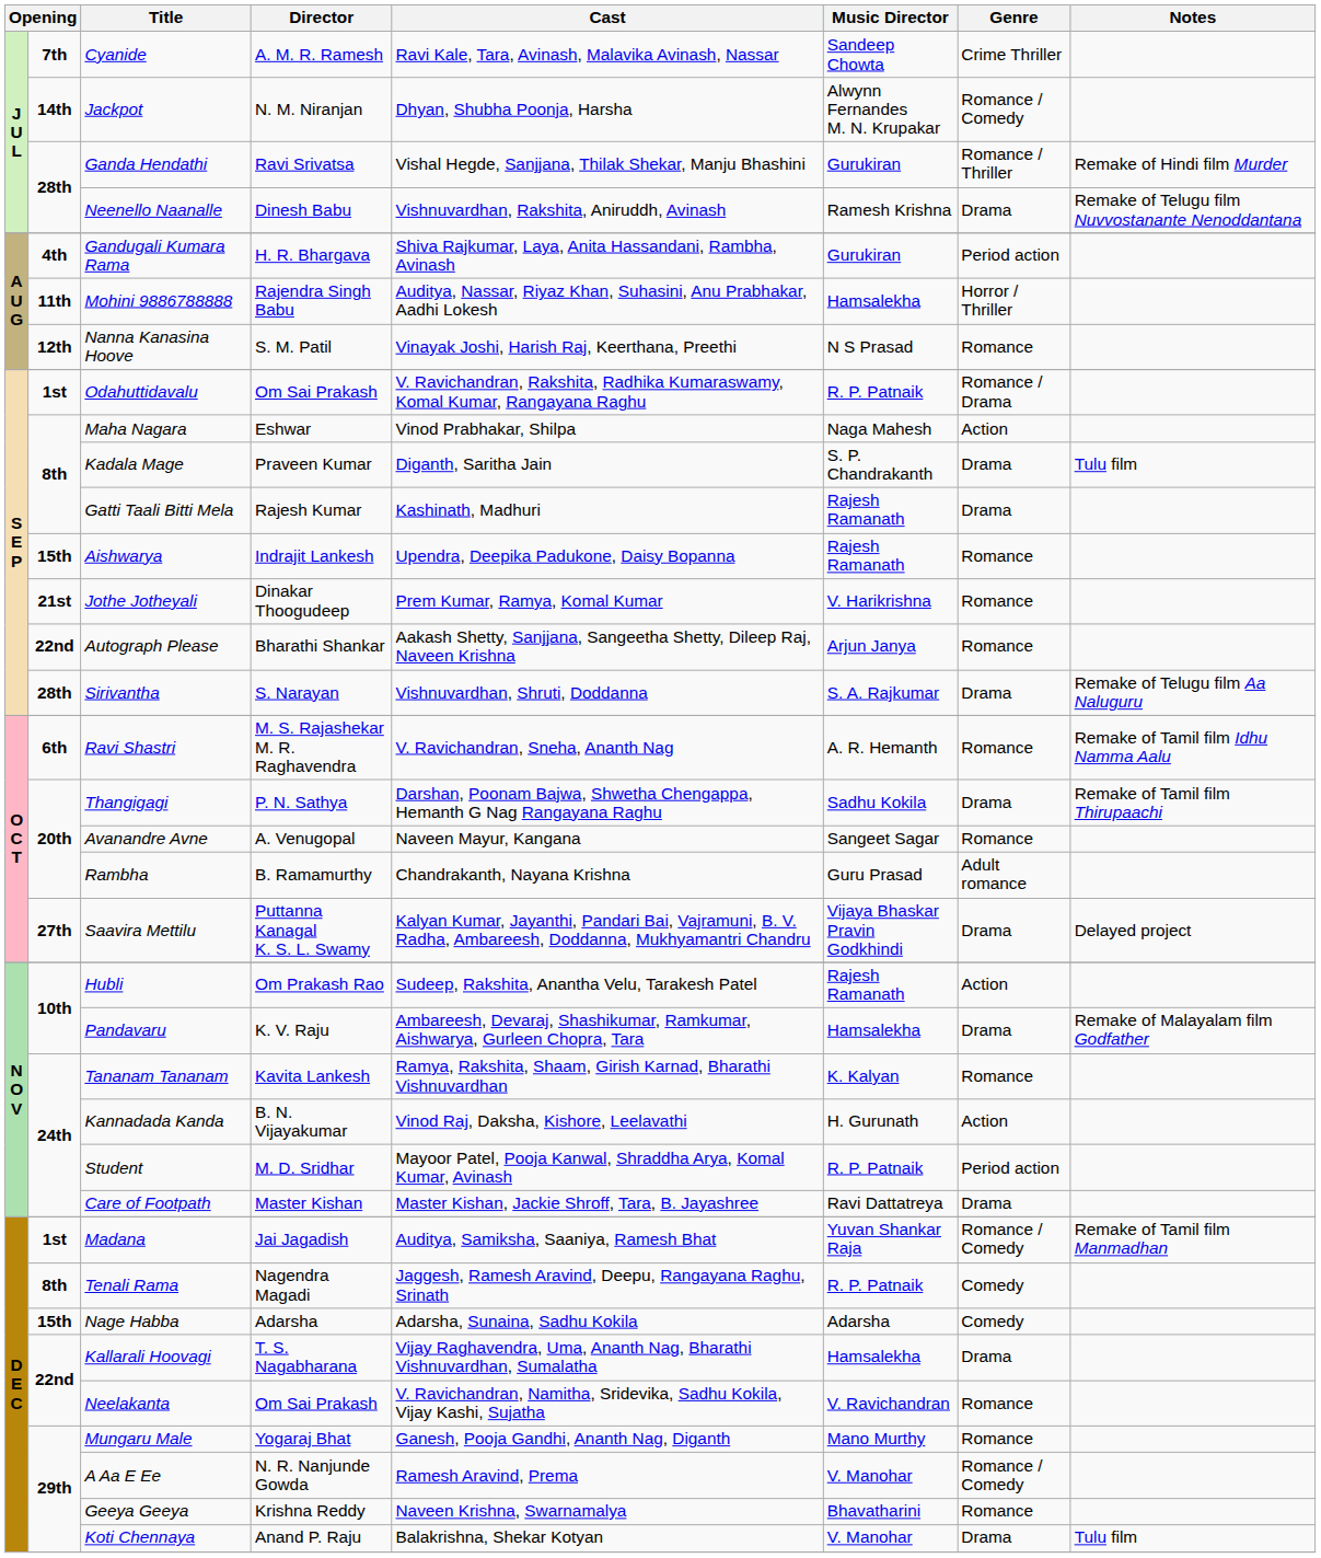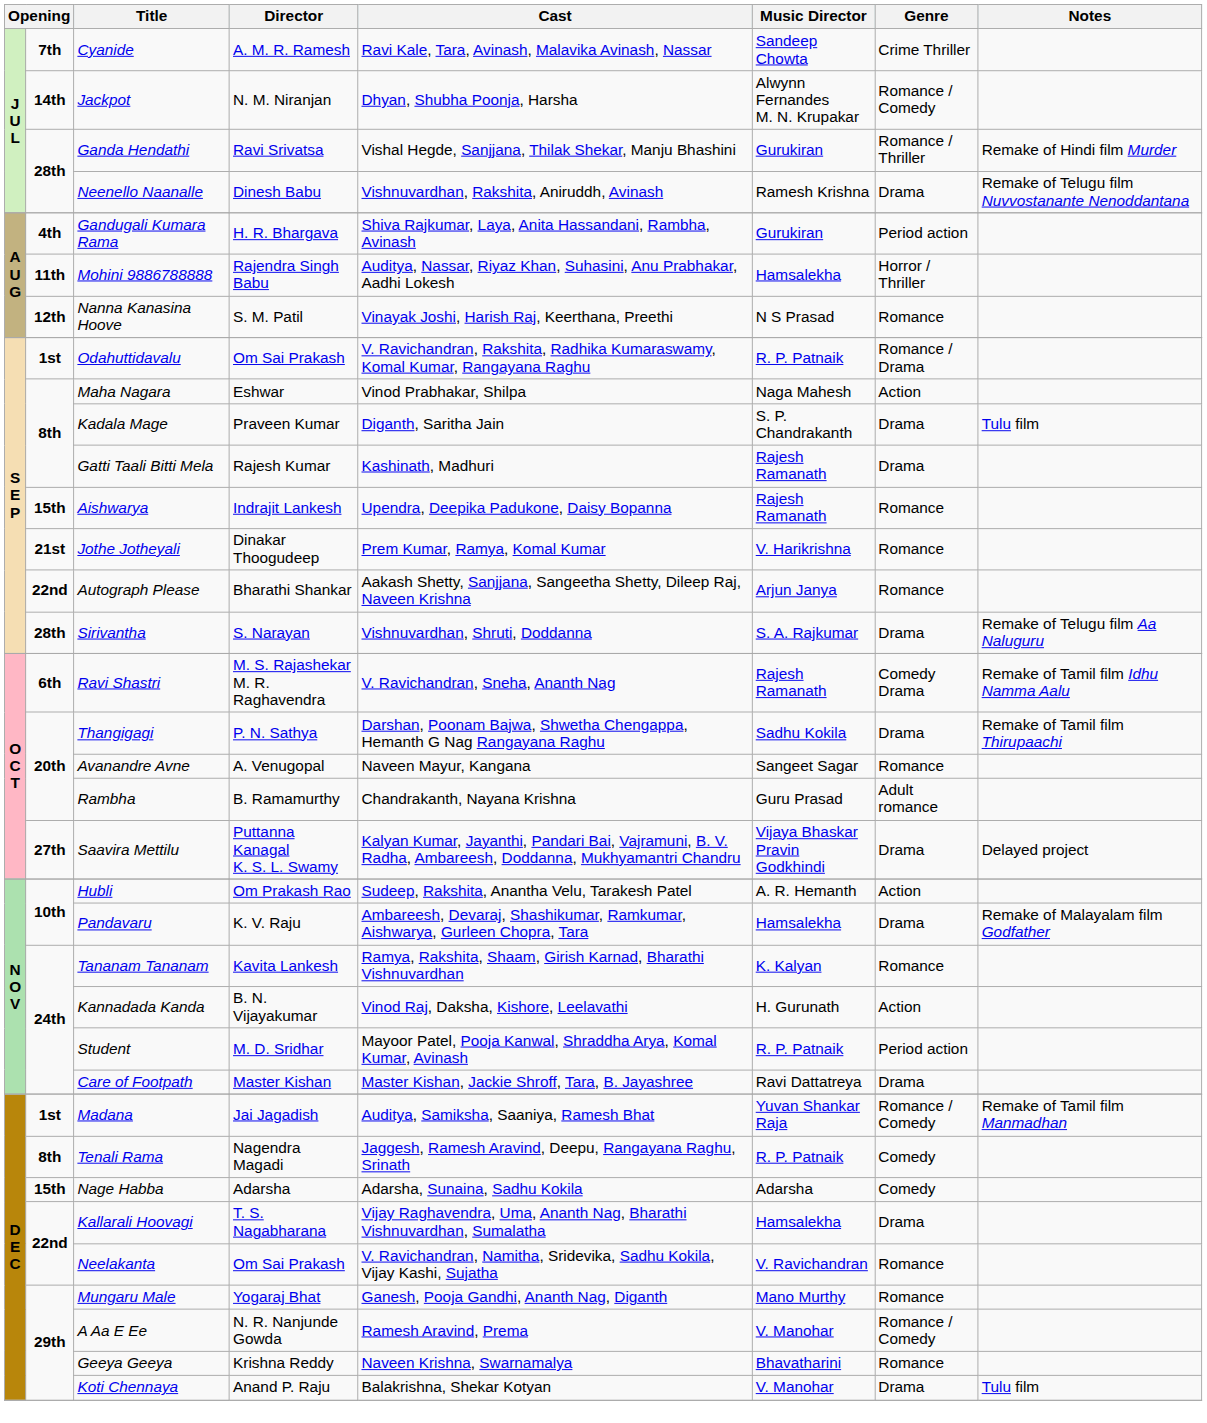 <table class="wikitable">
 <tr style="background:#b0e0e6; text-align:center;">
 <th colspan="2"><strong>Opening</strong></th>
 <th style="width:13%;"><strong>Title</strong></th>
 <th><strong>Director</strong></th>
 <th><strong>Cast</strong></th>
 <th><strong>Music Director</strong></th>
 <th><strong>Genre</strong></th>
 <th><strong>Notes</strong></th>
 </tr>
 <tr July!>
 <td rowspan="4"   style="text-align:center; background:#d0f0c0; textcolor:#000;"><strong>J<br>U<br>L</strong></td>
 <td rowspan="1" style="text-align:center;"><strong>7th</strong></td>
 <td><em><a href='#'>Cyanide</a></em></td>
 <td><a href='#'>A. M. R. Ramesh</a></td>
 <td><a href='#'>Ravi Kale</a>, <a href='#'>Tara</a>, <a href='#'>Avinash</a>, <a href='#'>Malavika Avinash</a>, <a href='#'>Nassar</a></td>
 <td><a href='#'>Sandeep Chowta</a></td>
 <td>Crime Thriller</td>
 <td></td>
 </tr>
 <tr>
 <td rowspan="1" style="text-align:center;"><strong>14th</strong></td>
 <td><em><a href='#'>Jackpot</a></em></td>
 <td>N. M. Niranjan</td>
 <td><a href='#'>Dhyan</a>, <a href='#'>Shubha Poonja</a>, Harsha</td>
 <td>Alwynn Fernandes <br> M. N. Krupakar</td>
 <td>Romance / Comedy</td>
 <td></td>
 </tr>
 <tr>
 <td rowspan="2" style="text-align:center;"><strong>28th</strong></td>
 <td><em><a href='#'>Ganda Hendathi</a></em></td>
 <td><a href='#'>Ravi Srivatsa</a></td>
 <td>Vishal Hegde, <a href='#'>Sanjjana</a>, <a href='#'>Thilak Shekar</a>, Manju Bhashini</td>
 <td><a href='#'>Gurukiran</a></td>
 <td>Romance / Thriller</td>
 <td>Remake of Hindi film <em><a href='#'>Murder</a></em></td>
 </tr>
 <tr>
 <td><em><a href='#'>Neenello Naanalle</a></em></td>
 <td><a href='#'>Dinesh Babu</a></td>
 <td><a href='#'>Vishnuvardhan</a>, <a href='#'>Rakshita</a>, Aniruddh, <a href='#'>Avinash</a></td>
 <td>Ramesh Krishna</td>
 <td>Drama</td>
 <td>Remake of Telugu film <em><a href='#'>Nuvvostanante Nenoddantana</a></em></td>
 </tr>
 <tr>
 </tr>
 <tr August!>
 <td rowspan="3"   style="text-align:center; background:#c2b280; textcolor:#000;"><strong>A<br>U<br>G</strong></td>
 <td rowspan="1" style="text-align:center;"><strong>4th</strong></td>
 <td><em><a href='#'>Gandugali Kumara Rama</a></em></td>
 <td><a href='#'>H. R. Bhargava</a></td>
 <td><a href='#'>Shiva Rajkumar</a>, <a href='#'>Laya</a>, <a href='#'>Anita Hassandani</a>, <a href='#'>Rambha</a>, <a href='#'>Avinash</a></td>
 <td><a href='#'>Gurukiran</a></td>
 <td>Period action</td>
 <td></td>
 </tr>
 <tr>
 <td rowspan="1" style="text-align:center;"><strong>11th</strong></td>
 <td><em><a href='#'>Mohini 9886788888</a></em></td>
 <td><a href='#'>Rajendra Singh Babu</a></td>
 <td><a href='#'>Auditya</a>, <a href='#'>Nassar</a>, <a href='#'>Riyaz Khan</a>, <a href='#'>Suhasini</a>, <a href='#'>Anu Prabhakar</a>, Aadhi Lokesh</td>
 <td><a href='#'>Hamsalekha</a></td>
 <td>Horror / Thriller</td>
 <td></td>
 </tr>
 <tr>
 <td rowspan="1" style="text-align:center;"><strong>12th</strong></td>
 <td><em>Nanna Kanasina Hoove</em></td>
 <td>S. M. Patil</td>
 <td><a href='#'>Vinayak Joshi</a>, <a href='#'>Harish Raj</a>, Keerthana, Preethi</td>
 <td>N S Prasad</td>
 <td>Romance</td>
 <td></td>
 </tr>
 <tr>
 </tr>
 <tr September!>
 <td rowspan="8" style="text-align:center; background:wheat; textcolor:#000;"><strong>S<br>E<br>P</strong></td>
 <td rowspan="1" style="text-align:center;"><strong>1st</strong></td>
 <td><em><a href='#'>Odahuttidavalu</a></em></td>
 <td><a href='#'>Om Sai Prakash</a></td>
 <td><a href='#'>V. Ravichandran</a>, <a href='#'>Rakshita</a>, <a href='#'>Radhika Kumaraswamy</a>, <a href='#'>Komal Kumar</a>, <a href='#'>Rangayana Raghu</a></td>
 <td><a href='#'>R. P. Patnaik</a></td>
 <td>Romance / Drama</td>
 <td></td>
 </tr>
 <tr>
 <td rowspan="3" style="text-align:center;"><strong>8th</strong></td>
 <td><em>Maha Nagara</em></td>
 <td>Eshwar</td>
 <td>Vinod Prabhakar, Shilpa</td>
 <td>Naga Mahesh</td>
 <td>Action</td>
 <td></td>
 </tr>
 <tr>
 <td><em>Kadala Mage</em></td>
 <td>Praveen Kumar</td>
 <td><a href='#'>Diganth</a>, Saritha Jain</td>
 <td>S. P. Chandrakanth</td>
 <td>Drama</td>
 <td><a href='#'>Tulu</a> film</td>
 </tr>
 <tr>
 <td><em>Gatti Taali Bitti Mela</em></td>
 <td>Rajesh Kumar</td>
 <td><a href='#'>Kashinath</a>, Madhuri</td>
 <td><a href='#'>Rajesh Ramanath</a></td>
 <td>Drama</td>
 <td></td>
 </tr>
 <tr>
 <td rowspan="1" style="text-align:center;"><strong>15th</strong></td>
 <td><em><a href='#'>Aishwarya</a></em></td>
 <td><a href='#'>Indrajit Lankesh</a></td>
 <td><a href='#'>Upendra</a>, <a href='#'>Deepika Padukone</a>, <a href='#'>Daisy Bopanna</a></td>
 <td><a href='#'>Rajesh Ramanath</a></td>
 <td>Romance</td>
 <td></td>
 </tr>
 <tr>
 <td rowspan="1" style="text-align:center;"><strong>21st</strong></td>
 <td><em><a href='#'>Jothe Jotheyali</a></em></td>
 <td>Dinakar Thoogudeep</td>
 <td><a href='#'>Prem Kumar</a>, <a href='#'>Ramya</a>, <a href='#'>Komal Kumar</a></td>
 <td><a href='#'>V. Harikrishna</a></td>
 <td>Romance</td>
 <td></td>
 </tr>
 <tr>
 <td rowspan="1" style="text-align:center;"><strong>22nd</strong></td>
 <td><em>Autograph Please</em></td>
 <td>Bharathi Shankar</td>
 <td>Aakash Shetty, <a href='#'>Sanjjana</a>, Sangeetha Shetty, Dileep Raj, <a href='#'>Naveen Krishna</a></td>
 <td><a href='#'>Arjun Janya</a></td>
 <td>Romance</td>
 <td></td>
 </tr>
 <tr>
 <td rowspan="1" style="text-align:center;"><strong>28th</strong></td>
 <td><em><a href='#'>Sirivantha</a></em></td>
 <td><a href='#'>S. Narayan</a></td>
 <td><a href='#'>Vishnuvardhan</a>, <a href='#'>Shruti</a>, <a href='#'>Doddanna</a></td>
 <td><a href='#'>S. A. Rajkumar</a></td>
 <td>Drama</td>
 <td>Remake of Telugu film <em><a href='#'>Aa Naluguru</a></em></td>
 </tr>
 <tr>
 </tr>
 <tr October!>
 <td rowspan="5"   style="text-align:center; background:#ffb7c5; textcolor:#000;"><strong>O<br>C<br>T</strong></td>
 <td rowspan="1" style="text-align:center;"><strong>6th</strong></td>
 <td><em><a href='#'>Ravi Shastri</a></em></td>
 <td><a href='#'>M. S. Rajashekar</a> <br> M. R. Raghavendra</td>
 <td><a href='#'>V. Ravichandran</a>, <a href='#'>Sneha</a>, <a href='#'>Ananth Nag</a></td>
-<td>A. R. Hemanth</td>
-<td>Romance</td>
+<td><a href='#'>Rajesh Ramanath</a></td>
+<td>Comedy Drama</td>
 <td>Remake of Tamil film <em><a href='#'>Idhu Namma Aalu</a></em></td>
 </tr>
 <tr>
 <td rowspan="3" style="text-align:center;"><strong>20th</strong></td>
 <td><em><a href='#'>Thangigagi</a></em></td>
 <td><a href='#'>P. N. Sathya</a></td>
 <td><a href='#'>Darshan</a>, <a href='#'>Poonam Bajwa</a>, <a href='#'>Shwetha Chengappa</a>, Hemanth G Nag <a href='#'>Rangayana Raghu</a></td>
 <td><a href='#'>Sadhu Kokila</a></td>
 <td>Drama</td>
 <td>Remake of Tamil film <em><a href='#'>Thirupaachi</a></em></td>
 </tr>
 <tr>
 <td><em>Avanandre Avne</em></td>
 <td>A. Venugopal</td>
 <td>Naveen Mayur, Kangana</td>
 <td>Sangeet Sagar</td>
 <td>Romance</td>
 <td></td>
 </tr>
 <tr>
 <td><em>Rambha</em></td>
 <td>B. Ramamurthy</td>
 <td>Chandrakanth, Nayana Krishna</td>
 <td>Guru Prasad</td>
 <td>Adult romance</td>
 <td></td>
 </tr>
 <tr>
 <td rowspan="1" style="text-align:center;"><strong>27th</strong></td>
 <td><em>Saavira Mettilu</em></td>
 <td><a href='#'>Puttanna Kanagal</a> <br> <a href='#'>K. S. L. Swamy</a></td>
 <td><a href='#'>Kalyan Kumar</a>, <a href='#'>Jayanthi</a>, <a href='#'>Pandari Bai</a>, <a href='#'>Vajramuni</a>, <a href='#'>B. V. Radha</a>, <a href='#'>Ambareesh</a>, <a href='#'>Doddanna</a>, <a href='#'>Mukhyamantri Chandru</a></td>
 <td><a href='#'>Vijaya Bhaskar</a> <br> <a href='#'>Pravin Godkhindi</a></td>
 <td>Drama</td>
 <td>Delayed project</td>
 </tr>
 <tr>
 </tr>
 <tr November!>
 <td rowspan="6"   style="text-align:center; background:#ace1af; textcolor:#000;"><strong>N<br>O<br>V</strong></td>
 <td rowspan="2" style="text-align:center;"><strong>10th</strong></td>
 <td><em><a href='#'>Hubli</a></em></td>
 <td><a href='#'>Om Prakash Rao</a></td>
 <td><a href='#'>Sudeep</a>, <a href='#'>Rakshita</a>, Anantha Velu, Tarakesh Patel</td>
-<td><a href='#'>Rajesh Ramanath</a></td>
+<td>A. R. Hemanth</td>
 <td>Action</td>
 <td></td>
 </tr>
 <tr>
 <td><em><a href='#'>Pandavaru</a></em></td>
 <td>K. V. Raju</td>
 <td><a href='#'>Ambareesh</a>, <a href='#'>Devaraj</a>, <a href='#'>Shashikumar</a>, <a href='#'>Ramkumar</a>, <a href='#'>Aishwarya</a>, <a href='#'>Gurleen Chopra</a>, <a href='#'>Tara</a></td>
 <td><a href='#'>Hamsalekha</a></td>
 <td>Drama</td>
 <td>Remake of Malayalam film <em><a href='#'>Godfather</a></em></td>
 </tr>
 <tr>
 <td rowspan="4" style="text-align:center;"><strong>24th</strong></td>
 <td><em><a href='#'>Tananam Tananam</a></em></td>
 <td><a href='#'>Kavita Lankesh</a></td>
 <td><a href='#'>Ramya</a>, <a href='#'>Rakshita</a>, <a href='#'>Shaam</a>, <a href='#'>Girish Karnad</a>, <a href='#'>Bharathi Vishnuvardhan</a></td>
 <td><a href='#'>K. Kalyan</a></td>
 <td>Romance</td>
 <td></td>
 </tr>
 <tr>
 <td><em>Kannadada Kanda</em></td>
 <td>B. N. Vijayakumar</td>
 <td><a href='#'>Vinod Raj</a>, Daksha, <a href='#'>Kishore</a>, <a href='#'>Leelavathi</a></td>
 <td>H. Gurunath</td>
 <td>Action</td>
 <td></td>
 </tr>
 <tr>
 <td><em>Student</em></td>
 <td><a href='#'>M. D. Sridhar</a></td>
 <td>Mayoor Patel, <a href='#'>Pooja Kanwal</a>, <a href='#'>Shraddha Arya</a>, <a href='#'>Komal Kumar</a>, <a href='#'>Avinash</a></td>
 <td><a href='#'>R. P. Patnaik</a></td>
 <td>Period action</td>
 <td></td>
 </tr>
 <tr>
 <td><em><a href='#'>Care of Footpath</a></em></td>
 <td><a href='#'>Master Kishan</a></td>
 <td><a href='#'>Master Kishan</a>, <a href='#'>Jackie Shroff</a>, <a href='#'>Tara</a>, <a href='#'>B. Jayashree</a></td>
 <td>Ravi Dattatreya</td>
 <td>Drama</td>
 <td></td>
 </tr>
 <tr>
 </tr>
 <tr December!>
 <td rowspan="9"   style="text-align:center; background:#b8860b; textcolor:#000;"><strong>D<br>E<br>C</strong></td>
 <td rowspan="1" style="text-align:center;"><strong>1st</strong></td>
 <td><em><a href='#'>Madana</a></em></td>
 <td><a href='#'>Jai Jagadish</a></td>
 <td><a href='#'>Auditya</a>, <a href='#'>Samiksha</a>, Saaniya, <a href='#'>Ramesh Bhat</a></td>
 <td><a href='#'>Yuvan Shankar Raja</a></td>
 <td>Romance / Comedy</td>
 <td>Remake of Tamil film <em><a href='#'>Manmadhan</a></em></td>
 </tr>
 <tr>
 <td rowspan="1" style="text-align:center;"><strong>8th</strong></td>
 <td><em><a href='#'>Tenali Rama</a></em></td>
 <td>Nagendra Magadi</td>
 <td><a href='#'>Jaggesh</a>, <a href='#'>Ramesh Aravind</a>, Deepu, <a href='#'>Rangayana Raghu</a>, <a href='#'>Srinath</a></td>
 <td><a href='#'>R. P. Patnaik</a></td>
 <td>Comedy</td>
 <td></td>
 </tr>
 <tr>
 <td rowspan="1" style="text-align:center;"><strong>15th</strong></td>
 <td><em>Nage Habba</em></td>
 <td>Adarsha</td>
 <td>Adarsha, <a href='#'>Sunaina</a>, <a href='#'>Sadhu Kokila</a></td>
 <td>Adarsha</td>
 <td>Comedy</td>
 <td></td>
 </tr>
 <tr>
 <td rowspan="2" style="text-align:center;"><strong>22nd</strong></td>
 <td><em><a href='#'>Kallarali Hoovagi</a></em></td>
 <td><a href='#'>T. S. Nagabharana</a></td>
 <td><a href='#'>Vijay Raghavendra</a>, <a href='#'>Uma</a>, <a href='#'>Ananth Nag</a>, <a href='#'>Bharathi Vishnuvardhan</a>, <a href='#'>Sumalatha</a></td>
 <td><a href='#'>Hamsalekha</a></td>
 <td>Drama</td>
 <td></td>
 </tr>
 <tr>
 <td><em><a href='#'>Neelakanta</a></em></td>
 <td><a href='#'>Om Sai Prakash</a></td>
 <td><a href='#'>V. Ravichandran</a>, <a href='#'>Namitha</a>, Sridevika, <a href='#'>Sadhu Kokila</a>, Vijay Kashi, <a href='#'>Sujatha</a></td>
 <td><a href='#'>V. Ravichandran</a></td>
 <td>Romance</td>
 <td></td>
 </tr>
 <tr>
 <td rowspan="4" style="text-align:center;"><strong>29th</strong></td>
 <td><em><a href='#'>Mungaru Male</a></em></td>
 <td><a href='#'>Yogaraj Bhat</a></td>
 <td><a href='#'>Ganesh</a>, <a href='#'>Pooja Gandhi</a>, <a href='#'>Ananth Nag</a>, <a href='#'>Diganth</a></td>
 <td><a href='#'>Mano Murthy</a></td>
 <td>Romance</td>
 <td></td>
 </tr>
 <tr>
 <td><em>A Aa E Ee</em></td>
 <td>N. R. Nanjunde Gowda</td>
 <td><a href='#'>Ramesh Aravind</a>, <a href='#'>Prema</a></td>
 <td><a href='#'>V. Manohar</a></td>
 <td>Romance / Comedy</td>
 <td></td>
 </tr>
 <tr>
 <td><em>Geeya Geeya</em></td>
 <td>Krishna Reddy</td>
 <td><a href='#'>Naveen Krishna</a>, <a href='#'>Swarnamalya</a></td>
 <td><a href='#'>Bhavatharini</a></td>
 <td>Romance</td>
 <td></td>
 </tr>
 <tr>
 <td><em><a href='#'>Koti Chennaya</a></em></td>
 <td>Anand P. Raju</td>
 <td>Balakrishna, Shekar Kotyan</td>
 <td><a href='#'>V. Manohar</a></td>
 <td>Drama</td>
 <td><a href='#'>Tulu</a> film</td>
 </tr>
 <tr>
 </tr>
 </table>
